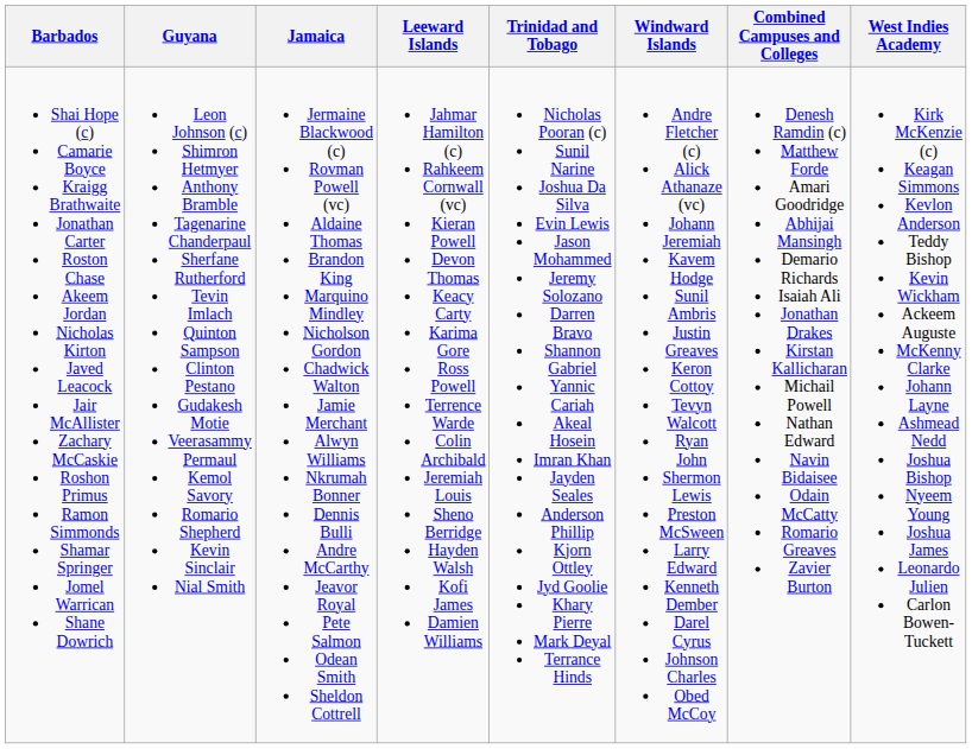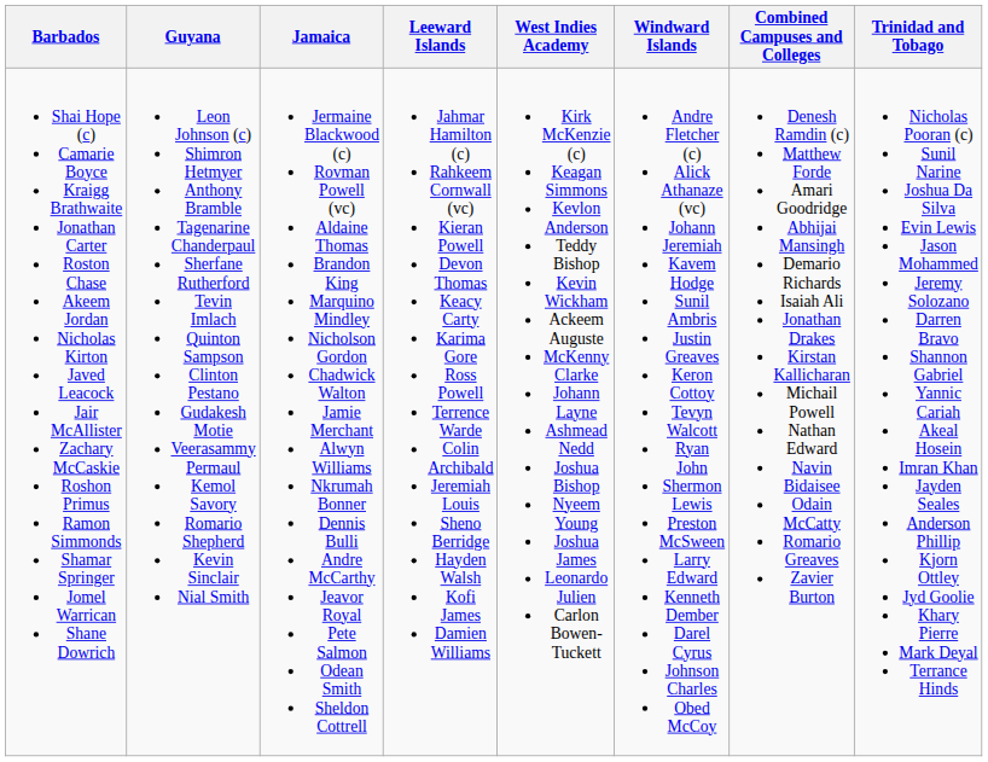 <table class="wikitable" style="text-align:center; margin:auto">
 <tr>
 <th><a href='#'>Barbados</a></th>
 <th><a href='#'>Guyana</a></th>
 <th><a href='#'>Jamaica</a></th>
 <th><a href='#'>Leeward Islands</a></th>
-<th><a href='#'>Trinidad and Tobago</a></th>
+<th><a href='#'>West Indies Academy</a></th>
 <th><a href='#'>Windward Islands</a></th>
 <th><a href='#'>Combined Campuses and Colleges</a></th>
-<th><a href='#'>West Indies Academy</a></th>
+<th><a href='#'>Trinidad and Tobago</a></th>
 </tr>
 <tr style="vertical-align:top">
 <td><br><ul><li><a href='#'>Shai Hope</a> (<a href='#'>c</a>)</li><li><a href='#'>Camarie Boyce</a></li><li><a href='#'>Kraigg Brathwaite</a></li><li><a href='#'>Jonathan Carter</a></li><li><a href='#'>Roston Chase</a></li><li><a href='#'>Akeem Jordan</a></li><li><a href='#'>Nicholas Kirton</a></li><li><a href='#'>Javed Leacock</a></li><li><a href='#'>Jair McAllister</a></li><li><a href='#'>Zachary McCaskie</a></li><li><a href='#'>Roshon Primus</a></li><li><a href='#'>Ramon Simmonds</a></li><li><a href='#'>Shamar Springer</a></li><li><a href='#'>Jomel Warrican</a></li><li><a href='#'>Shane Dowrich</a></li></ul></td>
 <td><br><ul><li><a href='#'>Leon Johnson</a> (<a href='#'>c</a>)</li><li><a href='#'>Shimron Hetmyer</a></li><li><a href='#'>Anthony Bramble</a></li><li><a href='#'>Tagenarine Chanderpaul</a></li><li><a href='#'>Sherfane Rutherford</a></li><li><a href='#'>Tevin Imlach</a></li><li><a href='#'>Quinton Sampson</a></li><li><a href='#'>Clinton Pestano</a></li><li><a href='#'>Gudakesh Motie</a></li><li><a href='#'>Veerasammy Permaul</a></li><li><a href='#'>Kemol Savory</a></li><li><a href='#'>Romario Shepherd</a></li><li><a href='#'>Kevin Sinclair</a></li><li><a href='#'>Nial Smith</a></li></ul></td>
 <td><br><ul><li><a href='#'>Jermaine Blackwood</a> (c)</li><li><a href='#'>Rovman Powell</a> (vc)</li><li><a href='#'>Aldaine Thomas</a></li><li><a href='#'>Brandon King</a></li><li><a href='#'>Marquino Mindley</a></li><li><a href='#'>Nicholson Gordon</a></li><li><a href='#'>Chadwick Walton</a></li><li><a href='#'>Jamie Merchant</a></li><li><a href='#'>Alwyn Williams</a></li><li><a href='#'>Nkrumah Bonner</a></li><li><a href='#'>Dennis Bulli</a></li><li><a href='#'>Andre McCarthy</a></li><li><a href='#'>Jeavor Royal</a></li><li><a href='#'>Pete Salmon</a></li><li><a href='#'>Odean Smith</a></li><li><a href='#'>Sheldon Cottrell</a></li></ul></td>
 <td><br><ul><li><a href='#'>Jahmar Hamilton</a> (c)</li><li><a href='#'>Rahkeem Cornwall</a> (vc)</li><li><a href='#'>Kieran Powell</a></li><li><a href='#'>Devon Thomas</a></li><li><a href='#'>Keacy Carty</a></li><li><a href='#'>Karima Gore</a></li><li><a href='#'>Ross Powell</a></li><li><a href='#'>Terrence Warde</a></li><li><a href='#'>Colin Archibald</a></li><li><a href='#'>Jeremiah Louis</a></li><li><a href='#'>Sheno Berridge</a></li><li><a href='#'>Hayden Walsh</a></li><li><a href='#'>Kofi James</a></li><li><a href='#'>Damien Williams</a></li></ul></td>
-<td><br><ul><li><a href='#'>Nicholas Pooran</a> (c)</li><li><a href='#'>Sunil Narine</a></li><li><a href='#'>Joshua Da Silva</a></li><li><a href='#'>Evin Lewis</a></li><li><a href='#'>Jason Mohammed</a></li><li><a href='#'>Jeremy Solozano</a></li><li><a href='#'>Darren Bravo</a></li><li><a href='#'>Shannon Gabriel</a></li><li><a href='#'>Yannic Cariah</a></li><li><a href='#'>Akeal Hosein</a></li><li><a href='#'>Imran Khan</a></li><li><a href='#'>Jayden Seales</a></li><li><a href='#'>Anderson Phillip</a></li><li><a href='#'>Kjorn Ottley</a></li><li><a href='#'>Jyd Goolie</a></li><li><a href='#'>Khary Pierre</a></li><li><a href='#'>Mark Deyal</a></li><li><a href='#'>Terrance Hinds</a></li></ul></td>
+<td><br><ul><li><a href='#'>Kirk McKenzie</a> (c)</li><li><a href='#'>Keagan Simmons</a></li><li><a href='#'>Kevlon Anderson</a></li><li>Teddy Bishop</li><li><a href='#'>Kevin Wickham</a></li><li>Ackeem Auguste</li><li><a href='#'>McKenny Clarke</a></li><li><a href='#'>Johann Layne</a></li><li><a href='#'>Ashmead Nedd</a></li><li><a href='#'>Joshua Bishop</a></li><li><a href='#'>Nyeem Young</a></li><li><a href='#'>Joshua James</a></li><li><a href='#'>Leonardo Julien</a></li><li>Carlon Bowen-Tuckett</li></ul></td>
 <td><br><ul><li><a href='#'>Andre Fletcher</a> (c)</li><li><a href='#'>Alick Athanaze</a> (vc)</li><li><a href='#'>Johann Jeremiah</a></li><li><a href='#'>Kavem Hodge</a></li><li><a href='#'>Sunil Ambris</a></li><li><a href='#'>Justin Greaves</a></li><li><a href='#'>Keron Cottoy</a></li><li><a href='#'>Tevyn Walcott</a></li><li><a href='#'>Ryan John</a></li><li><a href='#'>Shermon Lewis</a></li><li><a href='#'>Preston McSween</a></li><li><a href='#'>Larry Edward</a></li><li><a href='#'>Kenneth Dember</a></li><li><a href='#'>Darel Cyrus</a></li><li><a href='#'>Johnson Charles</a></li><li><a href='#'>Obed McCoy</a></li></ul></td>
 <td><br><ul><li><a href='#'>Denesh Ramdin</a> (c)</li><li><a href='#'>Matthew Forde</a></li><li>Amari Goodridge</li><li><a href='#'>Abhijai Mansingh</a></li><li>Demario Richards</li><li>Isaiah Ali</li><li><a href='#'>Jonathan Drakes</a></li><li><a href='#'>Kirstan Kallicharan</a></li><li>Michail Powell</li><li>Nathan Edward</li><li><a href='#'>Navin Bidaisee</a></li><li><a href='#'>Odain McCatty</a></li><li><a href='#'>Romario Greaves</a></li><li><a href='#'>Zavier Burton</a></li></ul></td>
-<td><br><ul><li><a href='#'>Kirk McKenzie</a> (c)</li><li><a href='#'>Keagan Simmons</a></li><li><a href='#'>Kevlon Anderson</a></li><li>Teddy Bishop</li><li><a href='#'>Kevin Wickham</a></li><li>Ackeem Auguste</li><li><a href='#'>McKenny Clarke</a></li><li><a href='#'>Johann Layne</a></li><li><a href='#'>Ashmead Nedd</a></li><li><a href='#'>Joshua Bishop</a></li><li><a href='#'>Nyeem Young</a></li><li><a href='#'>Joshua James</a></li><li><a href='#'>Leonardo Julien</a></li><li>Carlon Bowen-Tuckett</li></ul></td>
+<td><br><ul><li><a href='#'>Nicholas Pooran</a> (c)</li><li><a href='#'>Sunil Narine</a></li><li><a href='#'>Joshua Da Silva</a></li><li><a href='#'>Evin Lewis</a></li><li><a href='#'>Jason Mohammed</a></li><li><a href='#'>Jeremy Solozano</a></li><li><a href='#'>Darren Bravo</a></li><li><a href='#'>Shannon Gabriel</a></li><li><a href='#'>Yannic Cariah</a></li><li><a href='#'>Akeal Hosein</a></li><li><a href='#'>Imran Khan</a></li><li><a href='#'>Jayden Seales</a></li><li><a href='#'>Anderson Phillip</a></li><li><a href='#'>Kjorn Ottley</a></li><li><a href='#'>Jyd Goolie</a></li><li><a href='#'>Khary Pierre</a></li><li><a href='#'>Mark Deyal</a></li><li><a href='#'>Terrance Hinds</a></li></ul></td>
 </tr>
 </table>
